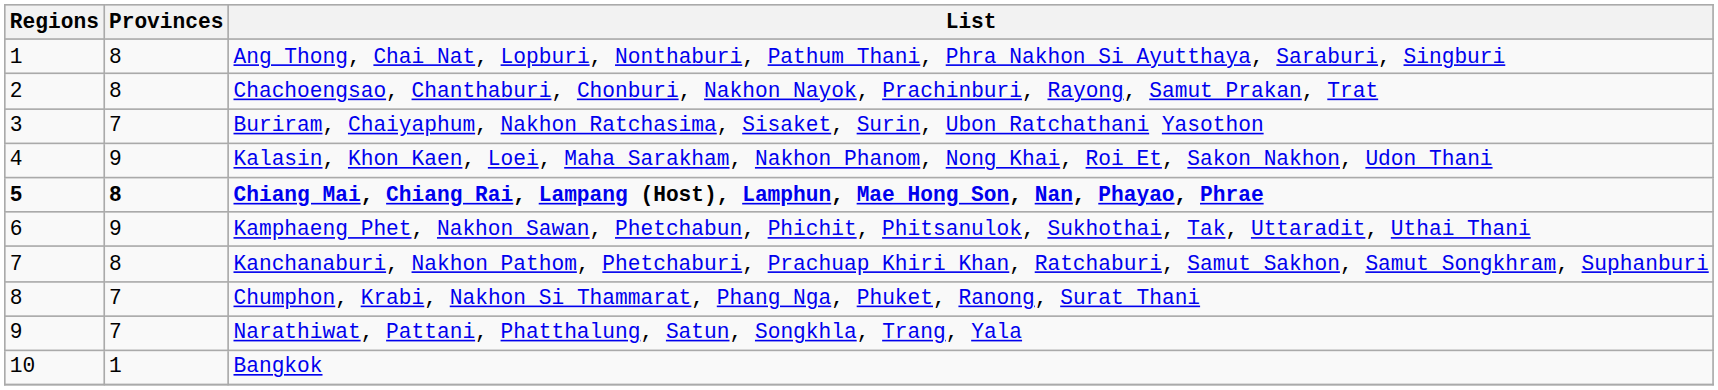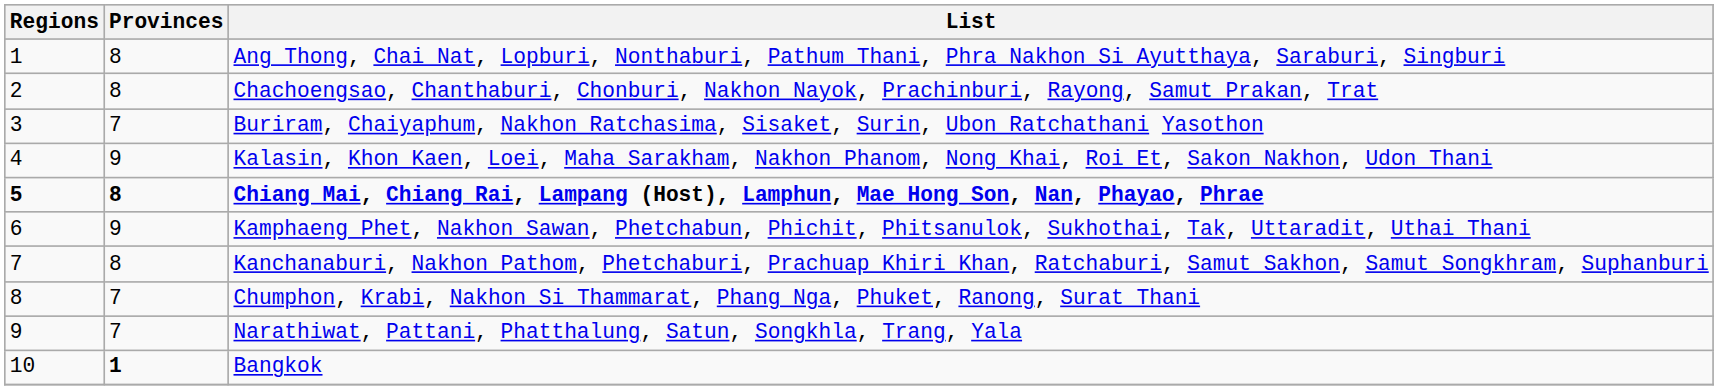 <table class="wikitable">
 <tr>
 <th>Regions</th>
 <th>Provinces</th>
 <th>List</th>
 </tr>
 <tr>
 <td>1</td>
 <td>8</td>
 <td><a href='#'>Ang Thong</a>,    <a href='#'>Chai Nat</a>,    <a href='#'>Lopburi</a>,    <a href='#'>Nonthaburi</a>,    <a href='#'>Pathum Thani</a>,    <a href='#'>Phra Nakhon Si Ayutthaya</a>,    <a href='#'>Saraburi</a>,    <a href='#'>Singburi</a></td>
 </tr>
 <tr>
 <td>2</td>
 <td>8</td>
 <td><a href='#'>Chachoengsao</a>,    <a href='#'>Chanthaburi</a>,    <a href='#'>Chonburi</a>,    <a href='#'>Nakhon Nayok</a>,    <a href='#'>Prachinburi</a>,    <a href='#'>Rayong</a>,    <a href='#'>Samut Prakan</a>,    <a href='#'>Trat</a></td>
 </tr>
 <tr>
 <td>3</td>
 <td>7</td>
 <td><a href='#'>Buriram</a>,    <a href='#'>Chaiyaphum</a>,    <a href='#'>Nakhon Ratchasima</a>,    <a href='#'>Sisaket</a>,    <a href='#'>Surin</a>,    <a href='#'>Ubon Ratchathani</a>   <a href='#'>Yasothon</a></td>
 </tr>
 <tr>
 <td>4</td>
 <td>9</td>
 <td><a href='#'>Kalasin</a>,    <a href='#'>Khon Kaen</a>,    <a href='#'>Loei</a>,    <a href='#'>Maha Sarakham</a>,    <a href='#'>Nakhon Phanom</a>,    <a href='#'>Nong Khai</a>,    <a href='#'>Roi Et</a>,    <a href='#'>Sakon Nakhon</a>,    <a href='#'>Udon Thani</a></td>
 </tr>
 <tr>
 <td><strong>5</strong></td>
 <td><strong>8</strong></td>
 <td><strong><a href='#'>Chiang Mai</a>,    <a href='#'>Chiang Rai</a>,    <a href='#'>Lampang</a> (Host),    <a href='#'>Lamphun</a>,    <a href='#'>Mae Hong Son</a>,    <a href='#'>Nan</a>,    <a href='#'>Phayao</a>,    <a href='#'>Phrae</a></strong></td>
 </tr>
 <tr>
 <td>6</td>
 <td>9</td>
 <td><a href='#'>Kamphaeng Phet</a>,    <a href='#'>Nakhon Sawan</a>,    <a href='#'>Phetchabun</a>,    <a href='#'>Phichit</a>,    <a href='#'>Phitsanulok</a>,    <a href='#'>Sukhothai</a>,    <a href='#'>Tak</a>,    <a href='#'>Uttaradit</a>,    <a href='#'>Uthai Thani</a></td>
 </tr>
 <tr>
 <td>7</td>
 <td>8</td>
 <td><a href='#'>Kanchanaburi</a>,    <a href='#'>Nakhon Pathom</a>,    <a href='#'>Phetchaburi</a>,    <a href='#'>Prachuap Khiri Khan</a>,    <a href='#'>Ratchaburi</a>,    <a href='#'>Samut Sakhon</a>,    <a href='#'>Samut Songkhram</a>,    <a href='#'>Suphanburi</a></td>
 </tr>
 <tr>
 <td>8</td>
 <td>7</td>
 <td><a href='#'>Chumphon</a>,    <a href='#'>Krabi</a>,    <a href='#'>Nakhon Si Thammarat</a>,    <a href='#'>Phang Nga</a>,    <a href='#'>Phuket</a>,    <a href='#'>Ranong</a>,    <a href='#'>Surat Thani</a></td>
 </tr>
 <tr>
 <td>9</td>
 <td>7</td>
 <td><a href='#'>Narathiwat</a>,    <a href='#'>Pattani</a>,    <a href='#'>Phatthalung</a>,    <a href='#'>Satun</a>,    <a href='#'>Songkhla</a>,    <a href='#'>Trang</a>,    <a href='#'>Yala</a></td>
 </tr>
 <tr>
 <td>10</td>
-<td>1</td>
+<td><strong>1</strong></td>
 <td><a href='#'>Bangkok</a></td>
 </tr>
 <tr>
 </tr>
 </table>
